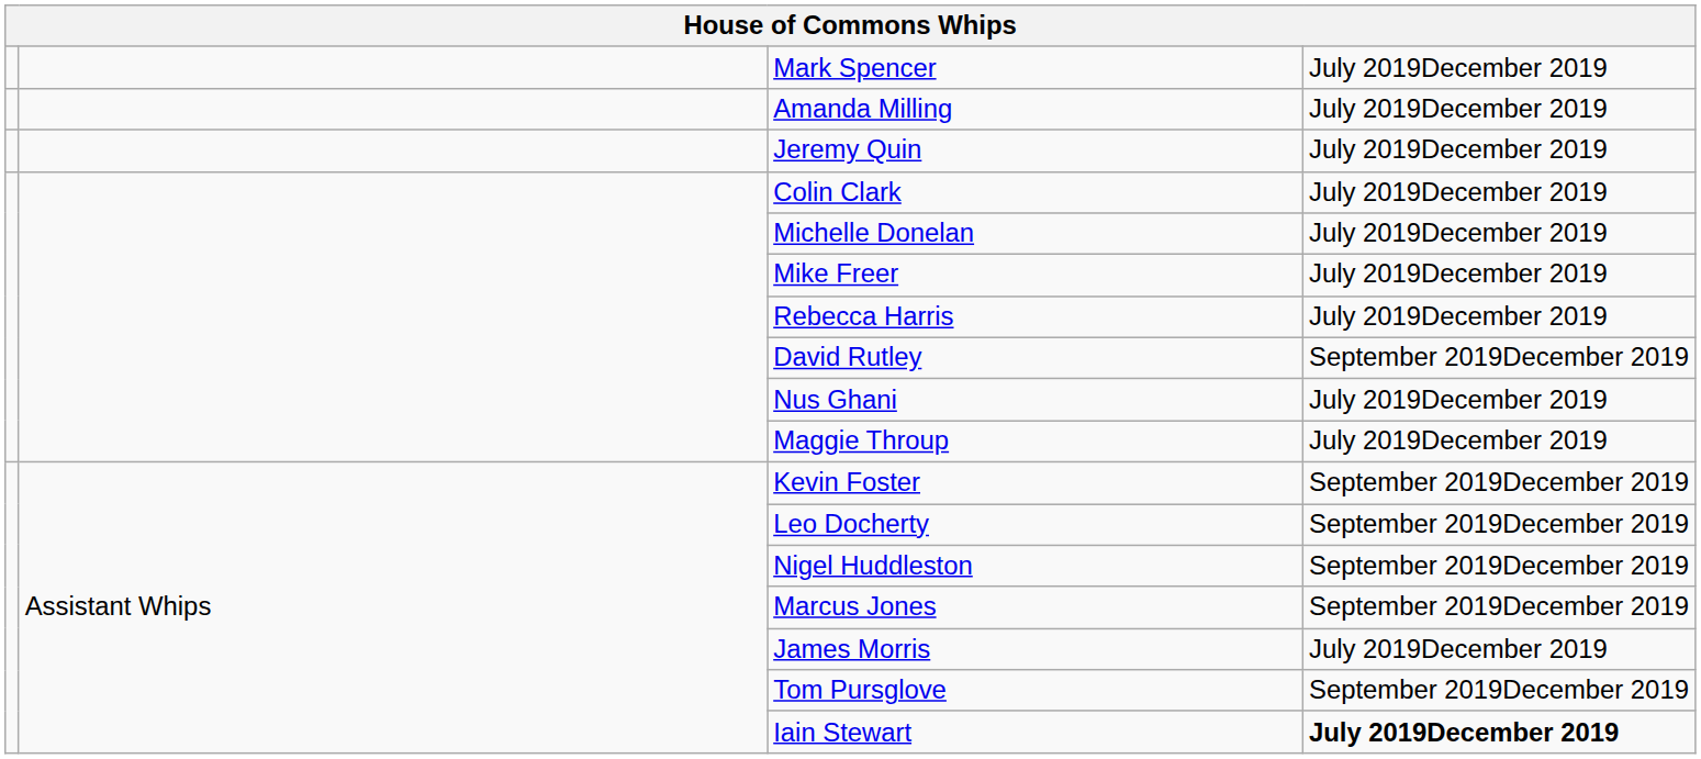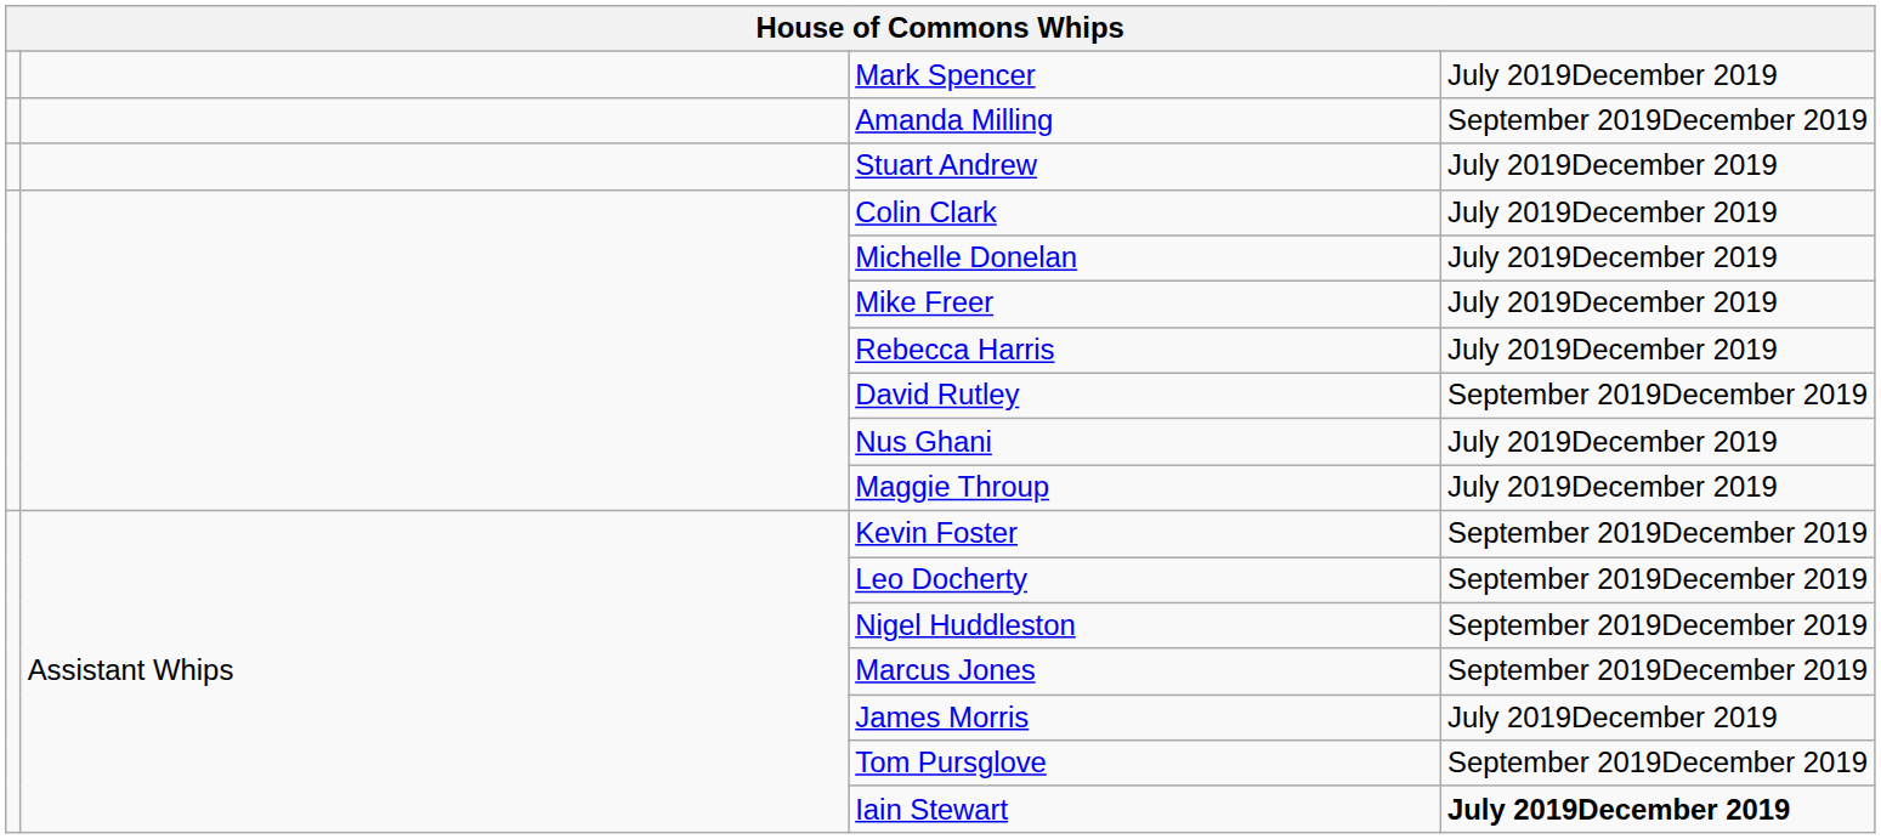 <table class="wikitable">
 <tr>
 <th colspan="4">House of Commons Whips</th>
 </tr>
 <tr>
 <td style="width: 1px; background: "></td>
 <td style="width: 450px;"></td>
 <td style="width: 320px;"><a href='#'>Mark Spencer</a></td>
 <td>July 2019December 2019</td>
 </tr>
 <tr>
 <td style="width: 1px; background: "></td>
 <td></td>
 <td><a href='#'>Amanda Milling</a></td>
-<td>July 2019December 2019</td>
+<td>September 2019December 2019</td>
 </tr>
 <tr>
 <td style="width: 1px; background: "></td>
 <td></td>
-<td><a href='#'>Jeremy Quin</a></td>
+<td><a href='#'>Stuart Andrew</a></td>
 <td>July 2019December 2019</td>
 </tr>
 <tr>
 <td rowspan=7 style="width: 1px; background: "></td>
 <td rowspan=7></td>
 <td><a href='#'>Colin Clark</a> <br></td>
 <td>July 2019December 2019</td>
 </tr>
 <tr>
 <td><a href='#'>Michelle Donelan</a></td>
 <td>July 2019December 2019</td>
 </tr>
 <tr>
 <td><a href='#'>Mike Freer</a></td>
 <td>July 2019December 2019</td>
 </tr>
 <tr>
 <td><a href='#'>Rebecca Harris</a></td>
 <td>July 2019December 2019</td>
 </tr>
 <tr>
 <td><a href='#'>David Rutley</a></td>
 <td>September 2019December 2019</td>
 </tr>
 <tr>
 <td><a href='#'>Nus Ghani</a> <br></td>
 <td>July 2019December 2019</td>
 </tr>
 <tr>
 <td><a href='#'>Maggie Throup</a> <br></td>
 <td>July 2019December 2019</td>
 </tr>
 <tr>
 <td rowspan=7 style="width: 1px; background: "></td>
 <td rowspan=7>Assistant Whips</td>
 <td><a href='#'>Kevin Foster</a><br></td>
 <td>September 2019December 2019</td>
 </tr>
 <tr>
 <td><a href='#'>Leo Docherty</a></td>
 <td>September 2019December 2019</td>
 </tr>
 <tr>
 <td><a href='#'>Nigel Huddleston</a></td>
 <td>September 2019December 2019</td>
 </tr>
 <tr>
 <td><a href='#'>Marcus Jones</a></td>
 <td>September 2019December 2019</td>
 </tr>
 <tr>
 <td><a href='#'>James Morris</a></td>
 <td>July 2019December 2019</td>
 </tr>
 <tr>
 <td><a href='#'>Tom Pursglove</a></td>
 <td>September 2019December 2019</td>
 </tr>
 <tr>
 <td><a href='#'>Iain Stewart</a></td>
 <td><strong>July 2019December 2019</strong></td>
 </tr>
 </table>
